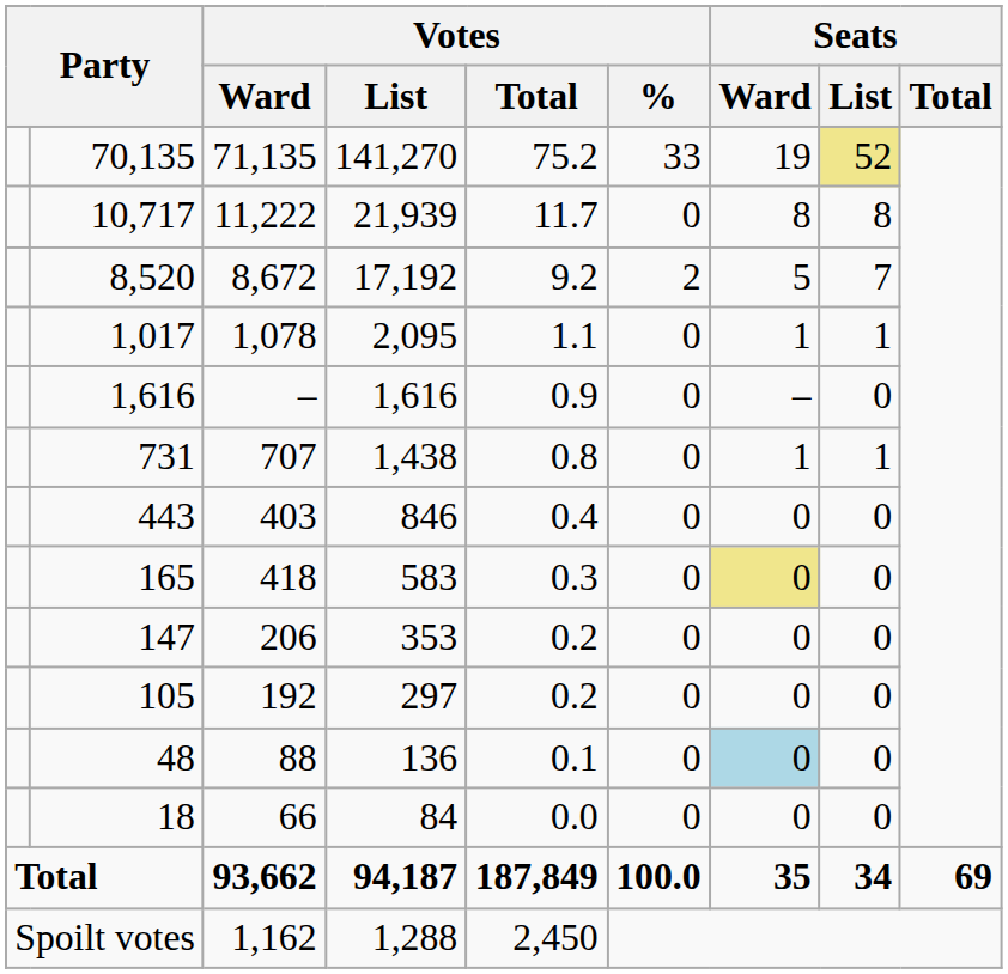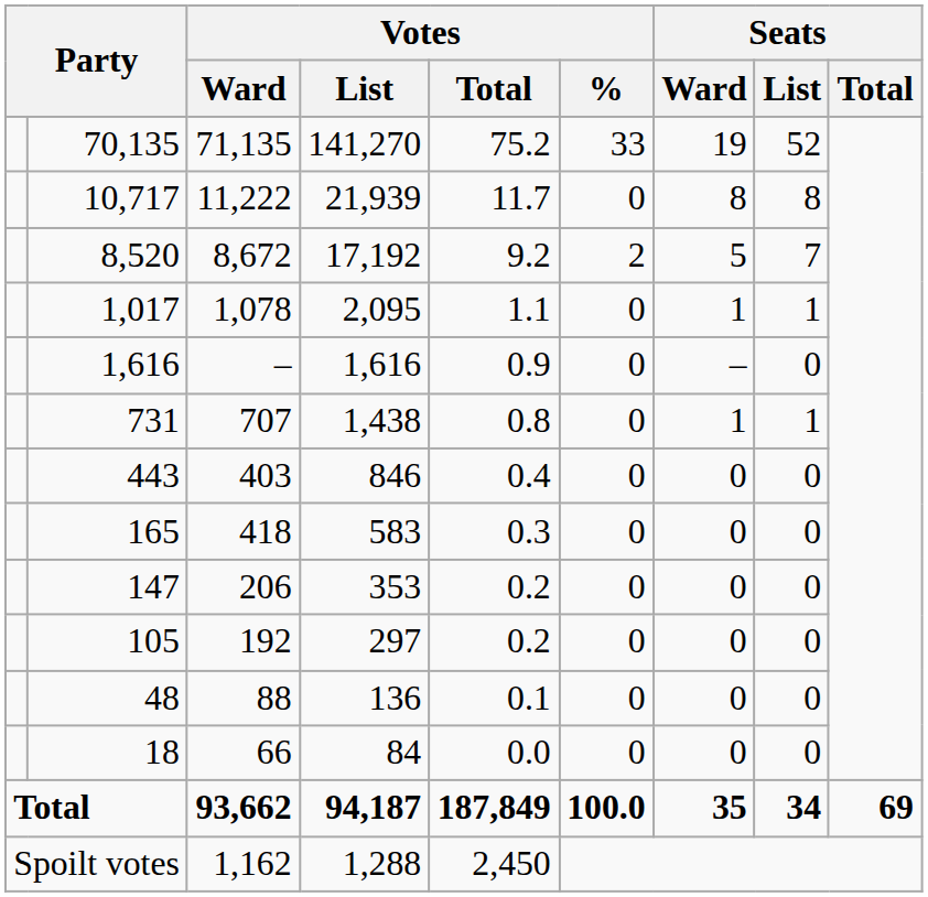 <table class=wikitable style="text-align:right">
 <tr>
 <th rowspan="2" colspan="2">Party</th>
 <th colspan="4" align="center">Votes</th>
 <th colspan="3" align="center">Seats</th>
 </tr>
 <tr>
 <th>Ward</th>
 <th>List</th>
 <th>Total</th>
 <th>%</th>
 <th>Ward</th>
 <th>List</th>
 <th>Total</th>
 </tr>
 <tr>
 <td></td>
 <td>70,135</td>
 <td>71,135</td>
 <td>141,270</td>
 <td>75.2</td>
 <td>33</td>
 <td>19</td>
-<td style="background: khaki;">52</td>
+<td>52</td>
 </tr>
 <tr>
 <td></td>
 <td>10,717</td>
 <td>11,222</td>
 <td>21,939</td>
 <td>11.7</td>
 <td>0</td>
 <td>8</td>
 <td>8</td>
 </tr>
 <tr>
 <td></td>
 <td>8,520</td>
 <td>8,672</td>
 <td>17,192</td>
 <td>9.2</td>
 <td>2</td>
 <td>5</td>
 <td>7</td>
 </tr>
 <tr>
 <td></td>
 <td>1,017</td>
 <td>1,078</td>
 <td>2,095</td>
 <td>1.1</td>
 <td>0</td>
 <td>1</td>
 <td>1</td>
 </tr>
 <tr>
 <td></td>
 <td>1,616</td>
 <td>–</td>
 <td>1,616</td>
 <td>0.9</td>
 <td>0</td>
 <td>–</td>
 <td>0</td>
 </tr>
 <tr>
 <td></td>
 <td>731</td>
 <td>707</td>
 <td>1,438</td>
 <td>0.8</td>
 <td>0</td>
 <td>1</td>
 <td>1</td>
 </tr>
 <tr>
 <td></td>
 <td>443</td>
 <td>403</td>
 <td>846</td>
 <td>0.4</td>
 <td>0</td>
 <td>0</td>
 <td>0</td>
 </tr>
 <tr>
 <td></td>
 <td>165</td>
 <td>418</td>
 <td>583</td>
 <td>0.3</td>
 <td>0</td>
-<td style="background: khaki;">0</td>
+<td>0</td>
 <td>0</td>
 </tr>
 <tr>
 <td></td>
 <td>147</td>
 <td>206</td>
 <td>353</td>
 <td>0.2</td>
 <td>0</td>
 <td>0</td>
 <td>0</td>
 </tr>
 <tr>
 <td></td>
 <td>105</td>
 <td>192</td>
 <td>297</td>
 <td>0.2</td>
 <td>0</td>
 <td>0</td>
 <td>0</td>
 </tr>
 <tr>
 <td></td>
 <td>48</td>
 <td>88</td>
 <td>136</td>
 <td>0.1</td>
 <td>0</td>
-<td style="background: lightblue;">0</td>
+<td>0</td>
 <td>0</td>
 </tr>
 <tr>
 <td></td>
 <td>18</td>
 <td>66</td>
 <td>84</td>
 <td>0.0</td>
 <td>0</td>
 <td>0</td>
 <td>0</td>
 </tr>
 <tr>
 <td colspan="2" style="text-align:left"><strong>Total</strong></td>
 <td><strong>93,662</strong></td>
 <td><strong>94,187</strong></td>
 <td><strong>187,849</strong></td>
 <td><strong>100.0</strong></td>
 <td><strong>35</strong></td>
 <td><strong>34</strong></td>
 <td><strong>69</strong></td>
 </tr>
 <tr>
 <td colspan="2" style="text-align:left">Spoilt votes</td>
 <td>1,162</td>
 <td>1,288</td>
 <td>2,450</td>
 </tr>
 </table>
